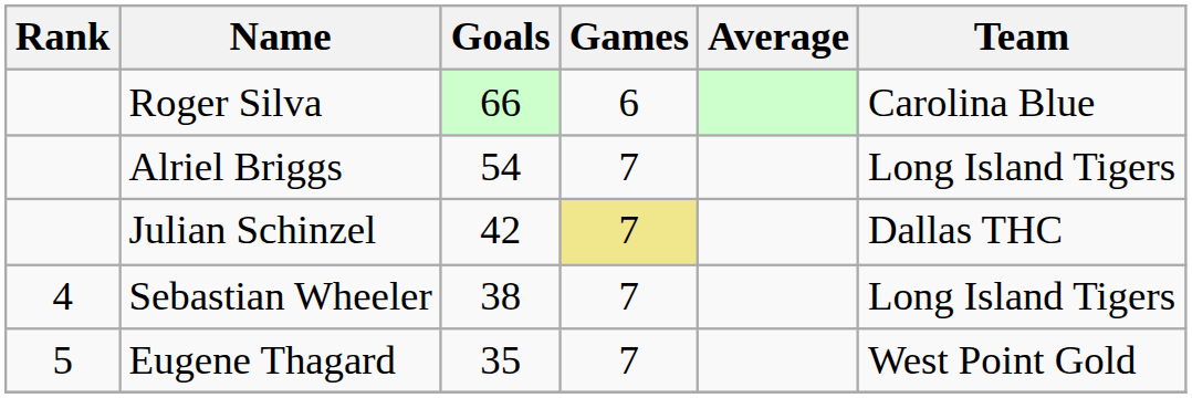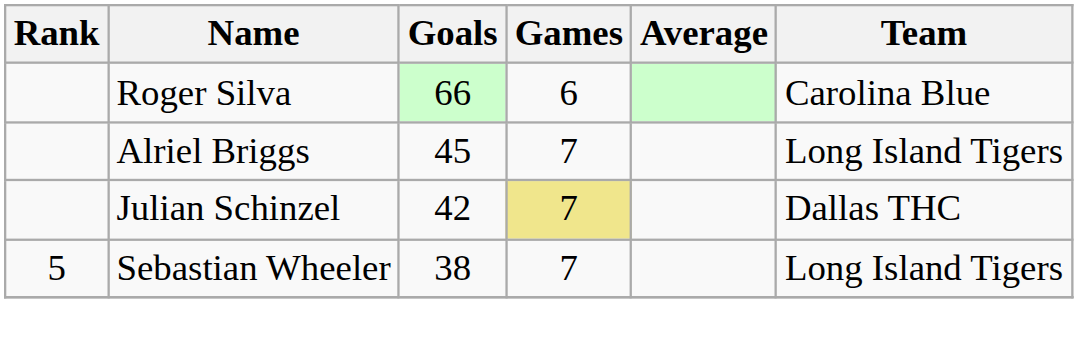 <table class="wikitable sortable"  style="text-align:center">
 <tr>
 <th>Rank</th>
 <th>Name</th>
 <th>Goals</th>
 <th>Games</th>
 <th>Average</th>
 <th>Team</th>
 </tr>
 <tr>
 <td></td>
 <td align="left">Roger Silva</td>
 <td bgcolor=#ccffcc>66</td>
 <td>6</td>
 <td bgcolor=#ccffcc></td>
 <td align="left">Carolina Blue</td>
 </tr>
 <tr>
 <td></td>
 <td align="left">Alriel Briggs</td>
-<td>54</td>
+<td>45</td>
 <td>7</td>
 <td></td>
 <td align="left">Long Island Tigers</td>
 </tr>
 <tr>
 <td></td>
 <td align="left">Julian Schinzel</td>
 <td>42</td>
 <td style="background: khaki;">7</td>
 <td></td>
 <td align="left">Dallas THC</td>
 </tr>
 <tr>
-<td align=center>4</td>
+<td align=center>5</td>
 <td align="left">Sebastian Wheeler</td>
 <td>38</td>
 <td>7</td>
 <td></td>
 <td align="left">Long Island Tigers</td>
 </tr>
 <tr>
-<td align=center>5</td>
-<td align="left">Eugene Thagard</td>
-<td>35</td>
-<td>7</td>
-<td></td>
-<td align="left">West Point Gold</td>
-</tr>
-<tr>
 </tr>
 </table>
